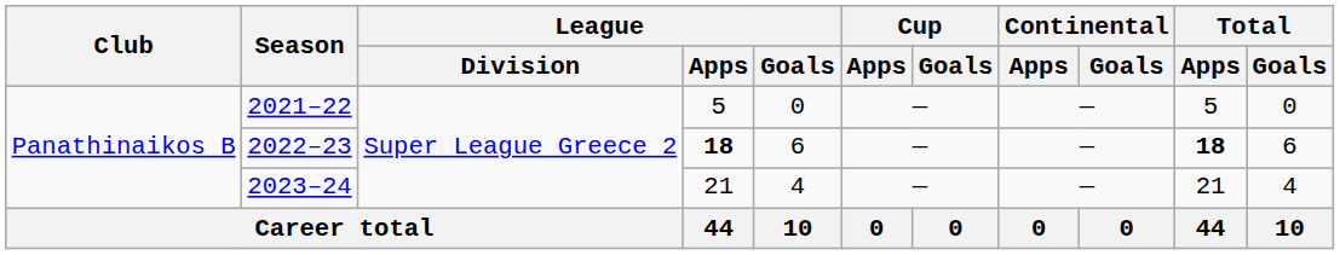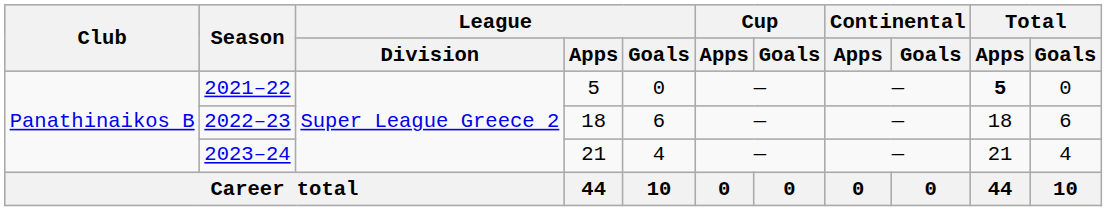 <table class="wikitable" style="text-align:center">
 <tr>
 <th rowspan=2>Club</th>
 <th rowspan=2>Season</th>
 <th colspan=3>League</th>
 <th colspan=2>Cup</th>
 <th colspan=2>Continental</th>
 <th colspan=3>Total</th>
 </tr>
 <tr>
 <th>Division</th>
 <th>Apps</th>
 <th>Goals</th>
 <th>Apps</th>
 <th>Goals</th>
 <th>Apps</th>
 <th>Goals</th>
 <th>Apps</th>
 <th>Goals</th>
 </tr>
 <tr>
 <td rowspan="3"><a href='#'>Panathinaikos B</a></td>
 <td><a href='#'>2021–22</a></td>
 <td rowspan="3"><a href='#'>Super League Greece 2</a></td>
 <td>5</td>
 <td>0</td>
 <td colspan="2">—</td>
 <td colspan="2">—</td>
-<td>5</td>
+<td><strong>5</strong></td>
 <td>0</td>
 </tr>
 <tr>
 <td><a href='#'>2022–23</a></td>
-<td><strong>18</strong></td>
+<td>18</td>
 <td>6</td>
 <td colspan="2">—</td>
 <td colspan="2">—</td>
-<td><strong>18</strong></td>
+<td>18</td>
 <td>6</td>
 </tr>
 <tr>
 <td><a href='#'>2023–24</a></td>
 <td>21</td>
 <td>4</td>
 <td colspan="2">—</td>
 <td colspan="2">—</td>
 <td>21</td>
 <td>4</td>
 </tr>
 <tr>
 <th colspan="3">Career total</th>
 <th>44</th>
 <th>10</th>
 <th>0</th>
 <th>0</th>
 <th>0</th>
 <th>0</th>
 <th>44</th>
 <th>10</th>
 </tr>
 </table>
